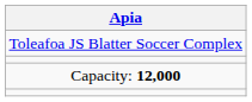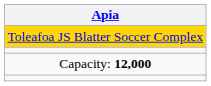 <table class="wikitable" style="text-align:center;">
 <tr>
 <th colspan=1><a href='#'>Apia</a></th>
 </tr>
 <tr>
-<td><a href='#'>Toleafoa JS Blatter Soccer Complex</a></td>
+<td style="background: gold;"><a href='#'>Toleafoa JS Blatter Soccer Complex</a></td>
 </tr>
 <tr>
 <td></td>
 </tr>
 <tr>
 <td>Capacity: <strong>12,000</strong></td>
 </tr>
 <tr>
 <td rowspan="1" style="text-align:center;"></td>
 </tr>
 </table>
